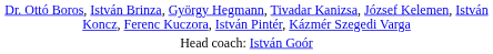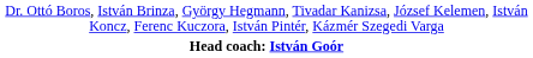 <table style="text-align: center; margin-top: 2em; margin-left: auto; margin-right: auto">
 <tr>
 <td><a href='#'>Dr. Ottó Boros</a>, <a href='#'>István Brinza</a>, <a href='#'>György Hegmann</a>, <a href='#'>Tivadar Kanizsa</a>, <a href='#'>József Kelemen</a>, <a href='#'>István Koncz</a>, <a href='#'>Ferenc Kuczora</a>, <a href='#'>István Pintér</a>, <a href='#'>Kázmér Szegedi Varga</a></td>
 </tr>
 <tr>
-<td>Head coach: <a href='#'>István Goór</a></td>
+<td><strong>Head coach: <a href='#'>István Goór</a></strong></td>
 </tr>
 </table>
